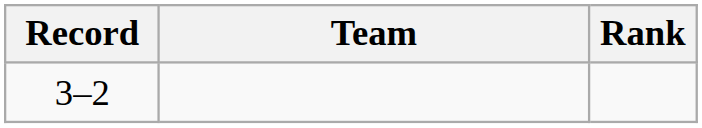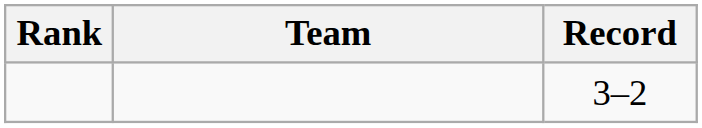 <table class="wikitable" style="text-align: center;">
 <tr>
+<th width=40>Rank</th>
+<th width=180>Team</th>
 <th width=60>Record</th>
-<th width=180>Team</th>
-<th width=40>Rank</th>
 </tr>
 <tr>
+<td></td>
+<td align=left></td>
 <td>3–2</td>
-<td align=left></td>
-<td></td>
 </tr>
 </table>
